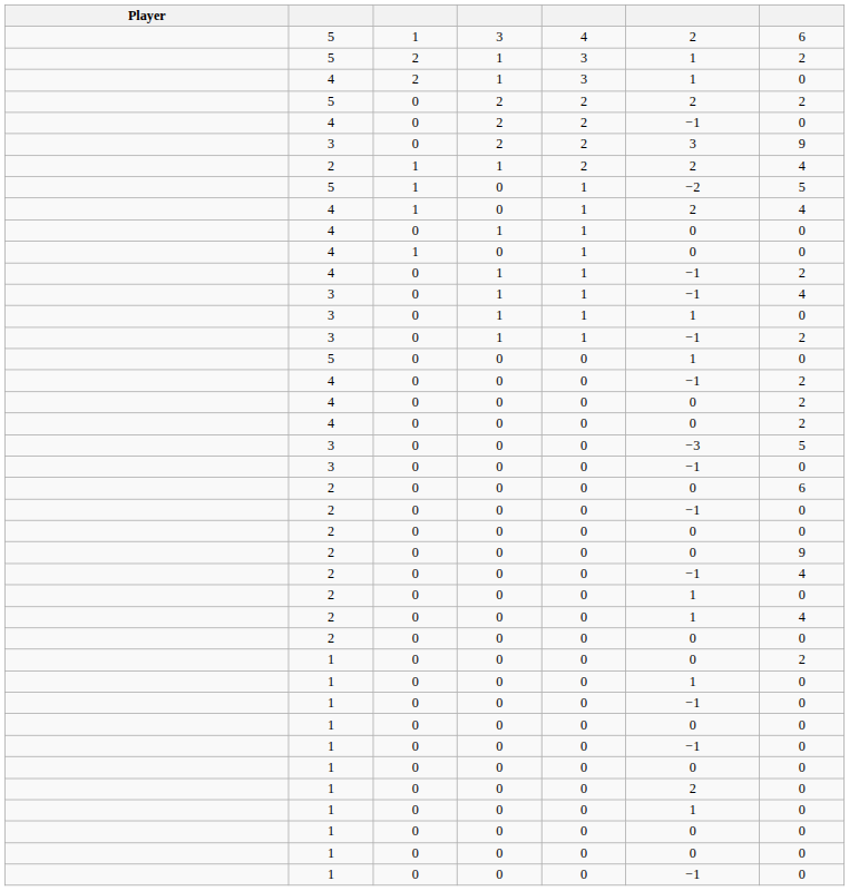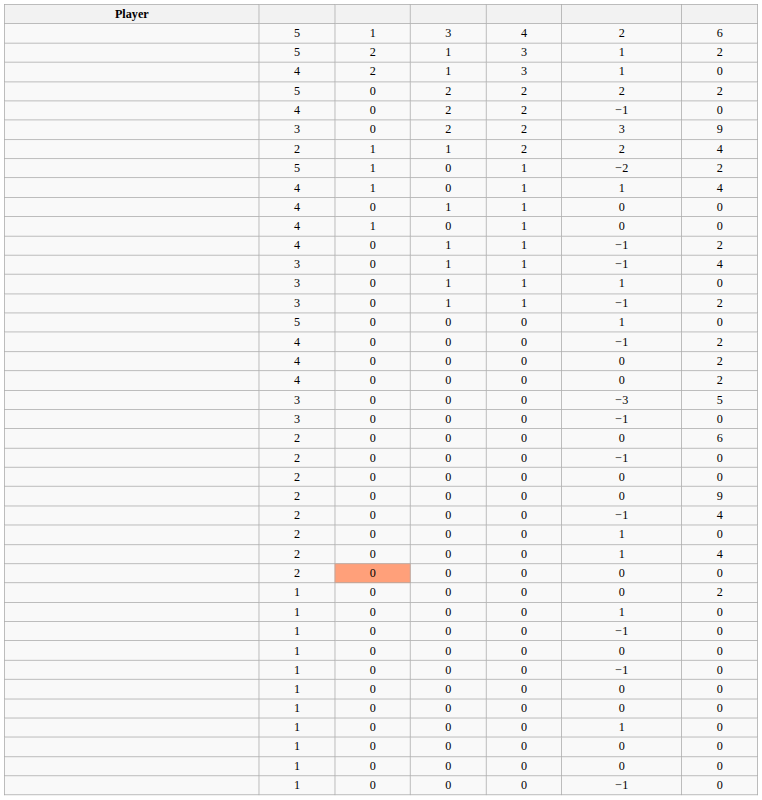 <table class="wikitable sortable" style="width:50%; text-align:center;">
 <tr>
 <th>Player</th>
 <th></th>
 <th></th>
 <th></th>
 <th></th>
 <th data-sort-type="number"></th>
 <th></th>
 </tr>
 <tr>
 <td></td>
 <td>5</td>
 <td>1</td>
 <td>3</td>
 <td>4</td>
 <td>2</td>
 <td>6</td>
 </tr>
 <tr>
 <td></td>
 <td>5</td>
 <td>2</td>
 <td>1</td>
 <td>3</td>
 <td>1</td>
 <td>2</td>
 </tr>
 <tr>
 <td></td>
 <td>4</td>
 <td>2</td>
 <td>1</td>
 <td>3</td>
 <td>1</td>
 <td>0</td>
 </tr>
 <tr>
 <td></td>
 <td>5</td>
 <td>0</td>
 <td>2</td>
 <td>2</td>
 <td>2</td>
 <td>2</td>
 </tr>
 <tr>
 <td></td>
 <td>4</td>
 <td>0</td>
 <td>2</td>
 <td>2</td>
 <td>−1</td>
 <td>0</td>
 </tr>
 <tr>
 <td></td>
 <td>3</td>
 <td>0</td>
 <td>2</td>
 <td>2</td>
 <td>3</td>
 <td>9</td>
 </tr>
 <tr>
 <td></td>
 <td>2</td>
 <td>1</td>
 <td>1</td>
 <td>2</td>
 <td>2</td>
 <td>4</td>
 </tr>
 <tr>
 <td></td>
 <td>5</td>
 <td>1</td>
 <td>0</td>
 <td>1</td>
 <td>−2</td>
-<td>5</td>
+<td>2</td>
 </tr>
 <tr>
 <td></td>
 <td>4</td>
 <td>1</td>
 <td>0</td>
 <td>1</td>
-<td>2</td>
+<td>1</td>
 <td>4</td>
 </tr>
 <tr>
 <td></td>
 <td>4</td>
 <td>0</td>
 <td>1</td>
 <td>1</td>
 <td>0</td>
 <td>0</td>
 </tr>
 <tr>
 <td></td>
 <td>4</td>
 <td>1</td>
 <td>0</td>
 <td>1</td>
 <td>0</td>
 <td>0</td>
 </tr>
 <tr>
 <td></td>
 <td>4</td>
 <td>0</td>
 <td>1</td>
 <td>1</td>
 <td>−1</td>
 <td>2</td>
 </tr>
 <tr>
 <td></td>
 <td>3</td>
 <td>0</td>
 <td>1</td>
 <td>1</td>
 <td>−1</td>
 <td>4</td>
 </tr>
 <tr>
 <td></td>
 <td>3</td>
 <td>0</td>
 <td>1</td>
 <td>1</td>
 <td>1</td>
 <td>0</td>
 </tr>
 <tr>
 <td></td>
 <td>3</td>
 <td>0</td>
 <td>1</td>
 <td>1</td>
 <td>−1</td>
 <td>2</td>
 </tr>
 <tr>
 <td></td>
 <td>5</td>
 <td>0</td>
 <td>0</td>
 <td>0</td>
 <td>1</td>
 <td>0</td>
 </tr>
 <tr>
 <td></td>
 <td>4</td>
 <td>0</td>
 <td>0</td>
 <td>0</td>
 <td>−1</td>
 <td>2</td>
 </tr>
 <tr>
 <td></td>
 <td>4</td>
 <td>0</td>
 <td>0</td>
 <td>0</td>
 <td>0</td>
 <td>2</td>
 </tr>
 <tr>
 <td></td>
 <td>4</td>
 <td>0</td>
 <td>0</td>
 <td>0</td>
 <td>0</td>
 <td>2</td>
 </tr>
 <tr>
 <td></td>
 <td>3</td>
 <td>0</td>
 <td>0</td>
 <td>0</td>
 <td>−3</td>
 <td>5</td>
 </tr>
 <tr>
 <td></td>
 <td>3</td>
 <td>0</td>
 <td>0</td>
 <td>0</td>
 <td>−1</td>
 <td>0</td>
 </tr>
 <tr>
 <td></td>
 <td>2</td>
 <td>0</td>
 <td>0</td>
 <td>0</td>
 <td>0</td>
 <td>6</td>
 </tr>
 <tr>
 <td></td>
 <td>2</td>
 <td>0</td>
 <td>0</td>
 <td>0</td>
 <td>−1</td>
 <td>0</td>
 </tr>
 <tr>
 <td></td>
 <td>2</td>
 <td>0</td>
 <td>0</td>
 <td>0</td>
 <td>0</td>
 <td>0</td>
 </tr>
 <tr>
 <td></td>
 <td>2</td>
 <td>0</td>
 <td>0</td>
 <td>0</td>
 <td>0</td>
 <td>9</td>
 </tr>
 <tr>
 <td></td>
 <td>2</td>
 <td>0</td>
 <td>0</td>
 <td>0</td>
 <td>−1</td>
 <td>4</td>
 </tr>
 <tr>
 <td></td>
 <td>2</td>
 <td>0</td>
 <td>0</td>
 <td>0</td>
 <td>1</td>
 <td>0</td>
 </tr>
 <tr>
 <td></td>
 <td>2</td>
 <td>0</td>
 <td>0</td>
 <td>0</td>
 <td>1</td>
 <td>4</td>
 </tr>
 <tr>
 <td></td>
 <td>2</td>
-<td>0</td>
+<td style="background: lightsalmon;">0</td>
 <td>0</td>
 <td>0</td>
 <td>0</td>
 <td>0</td>
 </tr>
 <tr>
 <td></td>
 <td>1</td>
 <td>0</td>
 <td>0</td>
 <td>0</td>
 <td>0</td>
 <td>2</td>
 </tr>
 <tr>
 <td></td>
 <td>1</td>
 <td>0</td>
 <td>0</td>
 <td>0</td>
 <td>1</td>
 <td>0</td>
 </tr>
 <tr>
 <td></td>
 <td>1</td>
 <td>0</td>
 <td>0</td>
 <td>0</td>
 <td>−1</td>
 <td>0</td>
 </tr>
 <tr>
 <td></td>
 <td>1</td>
 <td>0</td>
 <td>0</td>
 <td>0</td>
 <td>0</td>
 <td>0</td>
 </tr>
 <tr>
 <td></td>
 <td>1</td>
 <td>0</td>
 <td>0</td>
 <td>0</td>
 <td>−1</td>
 <td>0</td>
 </tr>
 <tr>
 <td></td>
 <td>1</td>
 <td>0</td>
 <td>0</td>
 <td>0</td>
 <td>0</td>
 <td>0</td>
 </tr>
 <tr>
 <td></td>
 <td>1</td>
 <td>0</td>
 <td>0</td>
 <td>0</td>
-<td>2</td>
+<td>0</td>
 <td>0</td>
 </tr>
 <tr>
 <td></td>
 <td>1</td>
 <td>0</td>
 <td>0</td>
 <td>0</td>
 <td>1</td>
 <td>0</td>
 </tr>
 <tr>
 <td></td>
 <td>1</td>
 <td>0</td>
 <td>0</td>
 <td>0</td>
 <td>0</td>
 <td>0</td>
 </tr>
 <tr>
 <td></td>
 <td>1</td>
 <td>0</td>
 <td>0</td>
 <td>0</td>
 <td>0</td>
 <td>0</td>
 </tr>
 <tr>
 <td></td>
 <td>1</td>
 <td>0</td>
 <td>0</td>
 <td>0</td>
 <td>−1</td>
 <td>0</td>
 </tr>
 </table>
